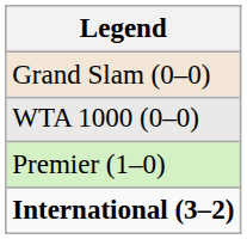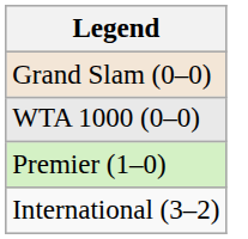 <table class=wikitable style="font-size:90%;">
 <tr>
 <th>Legend</th>
 </tr>
 <tr>
 <td bgcolor=#f3e6d7>Grand Slam (0–0)</td>
 </tr>
 <tr>
 <td bgcolor=#e9e9e9>WTA 1000 (0–0)</td>
 </tr>
 <tr>
 <td bgcolor=#d4f1c5>Premier (1–0)</td>
 </tr>
 <tr>
-<td><strong>International (3–2)</strong></td>
+<td>International (3–2)</td>
 </tr>
 </table>
